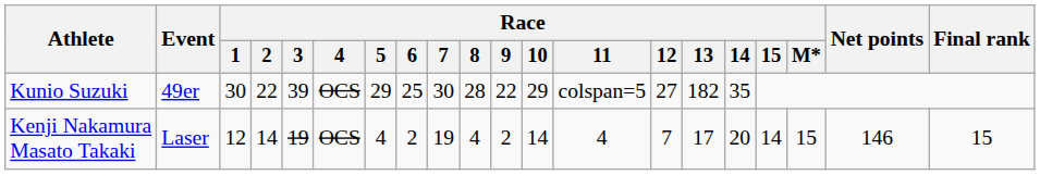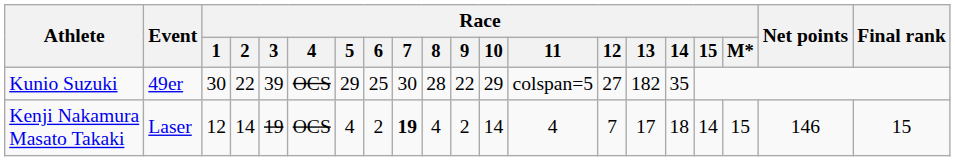 <table class="wikitable" style="font-size:90%">
 <tr>
 <th rowspan=2>Athlete</th>
 <th rowspan=2>Event</th>
 <th colspan=16>Race</th>
 <th rowspan=2>Net points</th>
 <th rowspan=2>Final rank</th>
 </tr>
 <tr style="font-size:95%">
 <th>1</th>
 <th>2</th>
 <th>3</th>
 <th>4</th>
 <th>5</th>
 <th>6</th>
 <th>7</th>
 <th>8</th>
 <th>9</th>
 <th>10</th>
 <th>11</th>
 <th>12</th>
 <th>13</th>
 <th>14</th>
 <th>15</th>
 <th>M*</th>
 </tr>
 <tr align=center>
 <td align=left><a href='#'>Kunio Suzuki</a></td>
 <td align=left><a href='#'>49er</a></td>
 <td>30</td>
 <td>22</td>
 <td>39</td>
 <td><s>OCS</s></td>
 <td>29</td>
 <td>25</td>
 <td>30</td>
 <td>28</td>
 <td>22</td>
 <td>29</td>
 <td>colspan=5 </td>
 <td>27</td>
 <td>182</td>
 <td>35</td>
 </tr>
 <tr align=center>
 <td align=left><a href='#'>Kenji Nakamura</a><br><a href='#'>Masato Takaki</a></td>
 <td align=left><a href='#'>Laser</a></td>
 <td>12</td>
 <td>14</td>
 <td><s>19</s></td>
 <td><s>OCS</s></td>
 <td>4</td>
 <td>2</td>
-<td>19</td>
+<td><strong>19</strong></td>
 <td>4</td>
 <td>2</td>
 <td>14</td>
 <td>4</td>
 <td>7</td>
 <td>17</td>
-<td>20</td>
+<td>18</td>
 <td>14</td>
 <td>15</td>
 <td>146</td>
 <td>15</td>
 </tr>
 </table>
